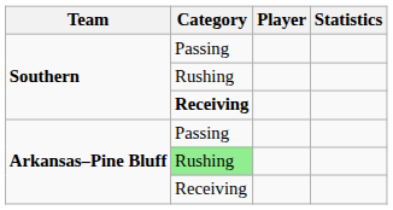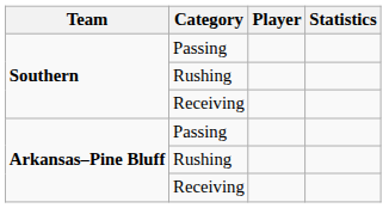 <table class="wikitable" style="float: left;">
 <tr>
 <th>Team</th>
 <th>Category</th>
 <th>Player</th>
 <th>Statistics</th>
 </tr>
 <tr>
 <td rowspan=3><strong>Southern</strong></td>
 <td>Passing</td>
 <td> </td>
 <td> </td>
 </tr>
 <tr>
 <td>Rushing</td>
 <td> </td>
 <td> </td>
 </tr>
 <tr>
-<td><strong>Receiving</strong></td>
+<td>Receiving</td>
 <td> </td>
 <td> </td>
 </tr>
 <tr>
 <td rowspan=3><strong>Arkansas–Pine Bluff</strong></td>
 <td>Passing</td>
 <td> </td>
 <td> </td>
 </tr>
 <tr>
-<td style="background: lightgreen;">Rushing</td>
+<td>Rushing</td>
 <td> </td>
 <td> </td>
 </tr>
 <tr>
 <td>Receiving</td>
 <td> </td>
 <td> </td>
 </tr>
 </table>
